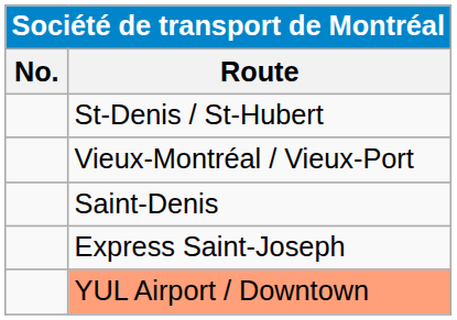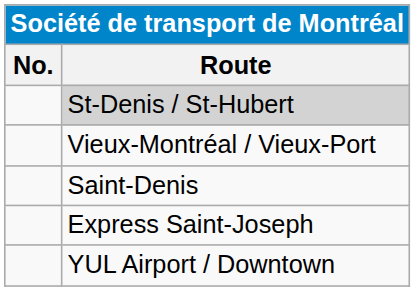 <table align=center class="wikitable">
 <tr>
 <th style="background: #0085CA; font-size:100%; color:#FFFFFF;"colspan="4">Société de transport de Montréal</th>
 </tr>
 <tr>
 <th>No.</th>
 <th>Route</th>
 </tr>
 <tr>
 <td></td>
-<td>St-Denis / St-Hubert</td>
+<td style="background: lightgrey;">St-Denis / St-Hubert</td>
 </tr>
 <tr>
 <td></td>
 <td>Vieux-Montréal / Vieux-Port</td>
 </tr>
 <tr>
 <td {{Avoid wrap> </td>
 <td>Saint-Denis</td>
 </tr>
 <tr>
 <td></td>
 <td>Express Saint-Joseph</td>
 </tr>
 <tr>
 <td> </td>
-<td style="background: lightsalmon;">YUL Airport / Downtown</td>
+<td>YUL Airport / Downtown</td>
 </tr>
 </table>
